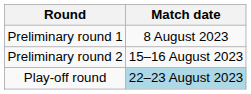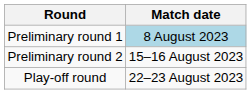 <table class="wikitable" style="text-align:center">
 <tr>
 <th>Round</th>
 <th colspan=2>Match date</th>
 </tr>
 <tr>
 <td>Preliminary round 1</td>
-<td>8 August 2023</td>
+<td style="background: lightblue;">8 August 2023</td>
 </tr>
 <tr>
 <td>Preliminary round 2</td>
 <td>15–16 August 2023</td>
 </tr>
 <tr>
 <td>Play-off round</td>
-<td style="background: lightblue;">22–23 August 2023</td>
+<td>22–23 August 2023</td>
 </tr>
 </table>
